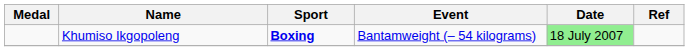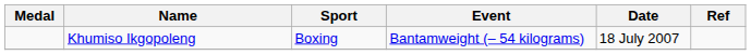 <table class="wikitable sortable" style="font-size:100%">
 <tr>
 <th width="60">Medal</th>
 <th width="250">Name</th>
 <th width="100">Sport</th>
 <th width="230">Event</th>
 <th width="100">Date</th>
 <th width="55">Ref</th>
 </tr>
 <tr>
 <td></td>
 <td><a href='#'>Khumiso Ikgopoleng</a></td>
-<td><strong><a href='#'>Boxing</a></strong></td>
+<td><a href='#'>Boxing</a></td>
 <td><a href='#'> Bantamweight (– 54 kilograms)</a></td>
-<td style="background: lightgreen;">18 July 2007</td>
+<td>18 July 2007</td>
 <td></td>
 </tr>
 <tr>
 </tr>
 </table>
